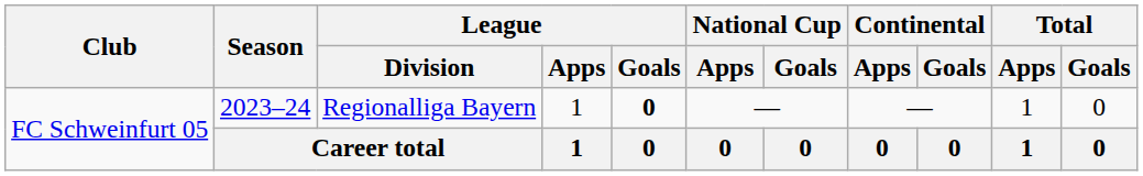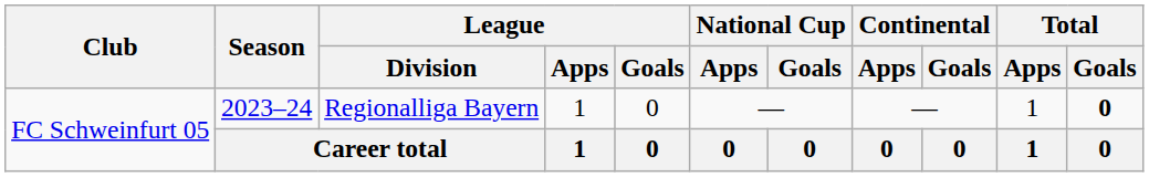 <table class=wikitable style=text-align:center>
 <tr>
 <th rowspan=2>Club</th>
 <th rowspan=2>Season</th>
 <th colspan=3>League</th>
 <th colspan=2>National Cup</th>
 <th colspan=2>Continental</th>
 <th colspan=2>Total</th>
 </tr>
 <tr>
 <th>Division</th>
 <th>Apps</th>
 <th>Goals</th>
 <th>Apps</th>
 <th>Goals</th>
 <th>Apps</th>
 <th>Goals</th>
 <th>Apps</th>
 <th>Goals</th>
 </tr>
 <tr>
 <td rowspan=3><a href='#'>FC Schweinfurt 05</a></td>
 <td><a href='#'>2023–24</a></td>
 <td><a href='#'>Regionalliga Bayern</a></td>
 <td>1</td>
-<td><strong>0</strong></td>
+<td>0</td>
 <td colspan=2>—</td>
 <td colspan=2>—</td>
 <td>1</td>
-<td>0</td>
+<td><strong>0</strong></td>
 </tr>
 <tr>
 <th colspan=2>Career total</th>
 <th>1</th>
 <th>0</th>
 <th>0</th>
 <th>0</th>
 <th>0</th>
 <th>0</th>
 <th>1</th>
 <th>0</th>
 </tr>
 </table>
